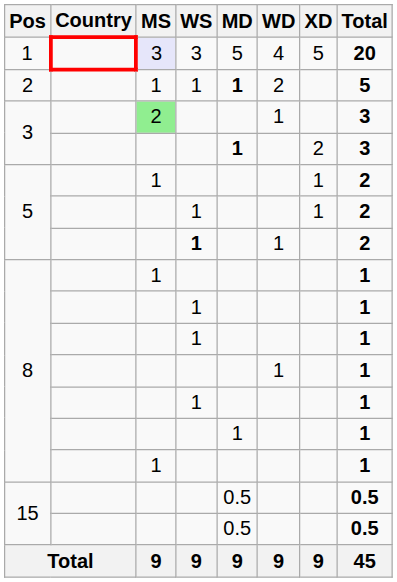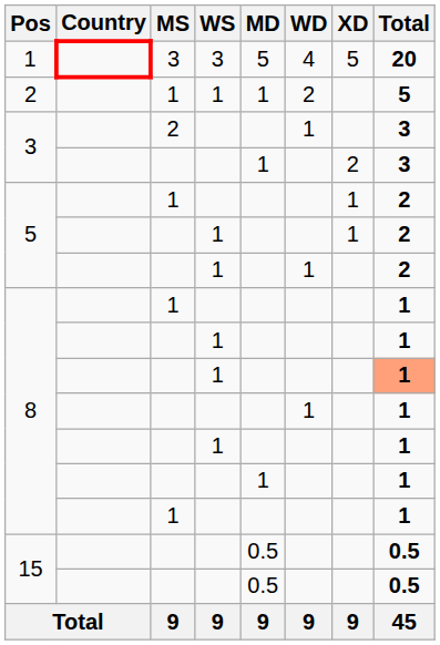 <table class="wikitable" style="text-align:center">
 <tr>
 <th>Pos</th>
 <th>Country</th>
 <th>MS</th>
 <th>WS</th>
 <th>MD</th>
 <th>WD</th>
 <th>XD</th>
 <th>Total</th>
 </tr>
 <tr>
 <td>1</td>
 <td align="left" style="border: 3px solid red"><strong></strong></td>
-<td style="background: lavender;">3</td>
+<td>3</td>
 <td>3</td>
 <td>5</td>
 <td>4</td>
 <td>5</td>
 <td><strong>20</strong></td>
 </tr>
 <tr>
 <td>2</td>
 <td align="left"></td>
 <td>1</td>
 <td>1</td>
-<td><strong>1</strong></td>
+<td>1</td>
 <td>2</td>
 <td></td>
 <td><strong>5</strong></td>
 </tr>
 <tr>
 <td rowspan="2">3</td>
 <td align="left"></td>
-<td style="background: lightgreen;">2</td>
+<td>2</td>
 <td></td>
 <td></td>
 <td>1</td>
 <td></td>
 <td><strong>3</strong></td>
 </tr>
 <tr>
 <td align="left"></td>
 <td></td>
 <td></td>
-<td><strong>1</strong></td>
+<td>1</td>
 <td></td>
 <td>2</td>
 <td><strong>3</strong></td>
 </tr>
 <tr>
 <td rowspan="3">5</td>
 <td align="left"></td>
 <td>1</td>
 <td></td>
 <td></td>
 <td></td>
 <td>1</td>
 <td><strong>2</strong></td>
 </tr>
 <tr>
 <td align="left"></td>
 <td></td>
 <td>1</td>
 <td></td>
 <td></td>
 <td>1</td>
 <td><strong>2</strong></td>
 </tr>
 <tr>
 <td align="left"></td>
 <td></td>
-<td><strong>1</strong></td>
+<td>1</td>
 <td></td>
 <td>1</td>
 <td></td>
 <td><strong>2</strong></td>
 </tr>
 <tr>
 <td rowspan="7">8</td>
 <td align="left"></td>
 <td>1</td>
 <td></td>
 <td></td>
 <td></td>
 <td></td>
 <td><strong>1</strong></td>
 </tr>
 <tr>
 <td align="left"></td>
 <td></td>
 <td>1</td>
 <td></td>
 <td></td>
 <td></td>
 <td><strong>1</strong></td>
 </tr>
 <tr>
 <td align="left"></td>
 <td></td>
 <td>1</td>
 <td></td>
 <td></td>
 <td></td>
-<td><strong>1</strong></td>
+<td style="background: lightsalmon;"><strong>1</strong></td>
 </tr>
 <tr>
 <td align="left"></td>
 <td></td>
 <td></td>
 <td></td>
 <td>1</td>
 <td></td>
 <td><strong>1</strong></td>
 </tr>
 <tr>
 <td align="left"></td>
 <td></td>
 <td>1</td>
 <td></td>
 <td></td>
 <td></td>
 <td><strong>1</strong></td>
 </tr>
 <tr>
 <td align="left"></td>
 <td></td>
 <td></td>
 <td>1</td>
 <td></td>
 <td></td>
 <td><strong>1</strong></td>
 </tr>
 <tr>
 <td align="left"></td>
 <td>1</td>
 <td></td>
 <td></td>
 <td></td>
 <td></td>
 <td><strong>1</strong></td>
 </tr>
 <tr>
 <td rowspan="2">15</td>
 <td align="left"></td>
 <td></td>
 <td></td>
 <td>0.5</td>
 <td></td>
 <td></td>
 <td><strong>0.5</strong></td>
 </tr>
 <tr>
 <td align="left"></td>
 <td></td>
 <td></td>
 <td>0.5</td>
 <td></td>
 <td></td>
 <td><strong>0.5</strong></td>
 </tr>
 <tr>
 <th colspan="2">Total</th>
 <th>9</th>
 <th>9</th>
 <th>9</th>
 <th>9</th>
 <th>9</th>
 <th>45</th>
 </tr>
 </table>
